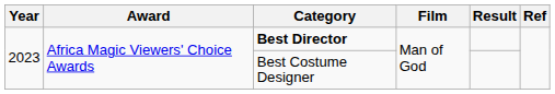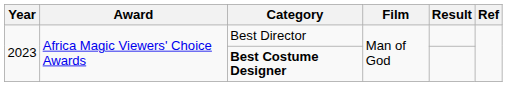 <table class="wikitable">
 <tr>
 <th>Year</th>
 <th>Award</th>
 <th>Category</th>
 <th>Film</th>
 <th>Result</th>
 <th>Ref</th>
 </tr>
 <tr>
 <td rowspan="2">2023</td>
 <td rowspan="2"><a href='#'>Africa Magic Viewers' Choice Awards</a></td>
-<td><strong>Best Director</strong></td>
+<td>Best Director</td>
 <td rowspan="2">Man of God</td>
 <td></td>
 <td rowspan="2"></td>
 </tr>
 <tr>
-<td>Best Costume Designer</td>
+<td><strong>Best Costume Designer</strong></td>
 <td></td>
 </tr>
 </table>
